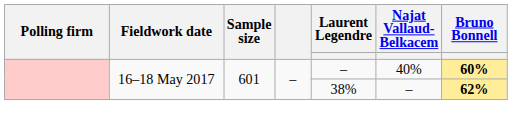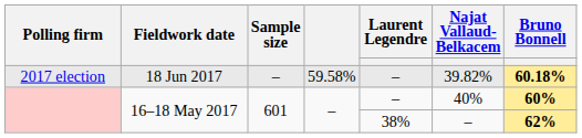 <table class="wikitable sortable" style="text-align:center;font-size:90%;line-height:14px;">
 <tr style="height:40px;">
 <th style="width:100px;" rowspan="2">Polling firm</th>
 <th style="width:110px;" rowspan="2">Fieldwork date</th>
 <th style="width:35px;" rowspan="2">Sample<br>size</th>
 <th style="width:30px;" rowspan="2"></th>
 <th class="unsortable" style="width:60px;">Laurent Legendre<br></th>
 <th class="unsortable" style="width:60px;"><a href='#'>Najat Vallaud-Belkacem</a><br></th>
 <th class="unsortable" style="width:60px;"><a href='#'>Bruno Bonnell</a><br></th>
 </tr>
 <tr>
 <th style="background:"></th>
 <th style="background:"></th>
 <th style="background:"></th>
+</tr>
+<tr style="background:#E9E9E9;">
+<td><a href='#'>2017 election</a></td>
+<td data-sort-value="2017-06-18">18 Jun 2017</td>
+<td>–</td>
+<td>59.58%</td>
+<td>–</td>
+<td>39.82%</td>
+<td style="background:#FFED99;"><strong>60.18%</strong></td>
 </tr>
 <tr>
 <td rowspan="2" style="background:#FFCCCC;"></td>
 <td rowspan="2" data-sort-value="2017-05-18">16–18 May 2017</td>
 <td rowspan="2">601</td>
 <td rowspan="2">–</td>
 <td>–</td>
 <td>40%</td>
 <td style="background:#FFED99;"><strong>60%</strong></td>
 </tr>
 <tr>
 <td>38%</td>
 <td>–</td>
 <td style="background:#FFED99;"><strong>62%</strong></td>
 </tr>
 </table>
